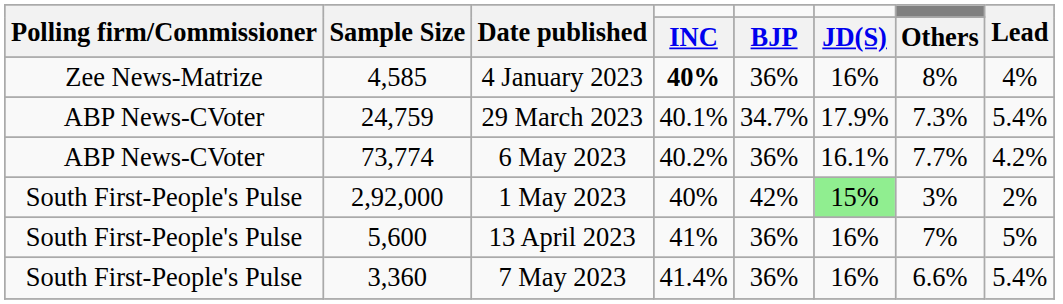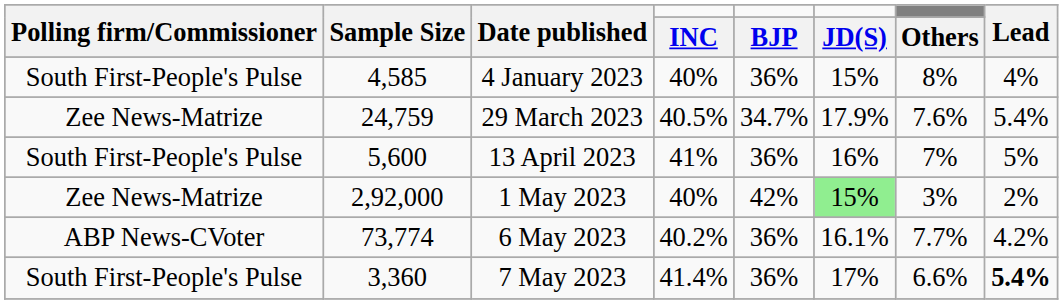 <table class="wikitable" style="text-align:center;font-size:95%;line-height:16px;">
 <tr>
 <th rowspan="2" class="wikitable">Polling firm/Commissioner</th>
 <th rowspan="2" class="wikitable">Sample Size</th>
 <th rowspan="2" class="wikitable">Date published</th>
 <td></td>
 <td></td>
 <td></td>
 <td style="background:gray;"></td>
 <th rowspan="2">Lead</th>
 </tr>
 <tr>
 <th><a href='#'>INC</a></th>
 <th><a href='#'>BJP</a></th>
 <th><a href='#'>JD(S)</a></th>
 <th>Others</th>
 </tr>
 <tr>
-<td>Zee News-Matrize</td>
+<td>South First-People's Pulse</td>
 <td>4,585</td>
 <td>4 January 2023</td>
-<td style="background:"><strong>40%</strong></td>
+<td style="background:">40%</td>
 <td>36%</td>
-<td>16%</td>
+<td>15%</td>
 <td>8%</td>
 <td style="background:">4%</td>
 </tr>
 <tr>
-<td>ABP News-CVoter</td>
+<td>Zee News-Matrize</td>
 <td>24,759</td>
 <td>29 March 2023</td>
-<td style="background:">40.1%</td>
+<td style="background:">40.5%</td>
 <td>34.7%</td>
 <td>17.9%</td>
-<td>7.3%</td>
+<td>7.6%</td>
 <td style="background:">5.4%</td>
+</tr>
+<tr>
+<td>South First-People's Pulse</td>
+<td>5,600</td>
+<td>13 April 2023</td>
+<td style="background:">41%</td>
+<td>36%</td>
+<td>16%</td>
+<td>7%</td>
+<td style="background:">5%</td>
+</tr>
+<tr>
+<td>Zee News-Matrize</td>
+<td>2,92,000</td>
+<td>1 May 2023</td>
+<td>40%</td>
+<td style="background:">42%</td>
+<td style="background: lightgreen;">15%</td>
+<td>3%</td>
+<td style="background:">2%</td>
 </tr>
 <tr>
 <td>ABP News-CVoter</td>
 <td>73,774</td>
 <td>6 May 2023</td>
 <td style="background:">40.2%</td>
 <td>36%</td>
 <td>16.1%</td>
 <td>7.7%</td>
 <td style="background:">4.2%</td>
 </tr>
 <tr>
 <td>South First-People's Pulse</td>
-<td>2,92,000</td>
-<td>1 May 2023</td>
-<td>40%</td>
-<td style="background:">42%</td>
-<td style="background: lightgreen;">15%</td>
-<td>3%</td>
-<td style="background:">2%</td>
-</tr>
-<tr>
-<td>South First-People's Pulse</td>
-<td>5,600</td>
-<td>13 April 2023</td>
-<td style="background:">41%</td>
-<td>36%</td>
-<td>16%</td>
-<td>7%</td>
-<td style="background:">5%</td>
-</tr>
-<tr>
-<td>South First-People's Pulse</td>
 <td>3,360</td>
 <td>7 May 2023</td>
 <td style="background:">41.4%</td>
 <td>36%</td>
-<td>16%</td>
+<td>17%</td>
 <td>6.6%</td>
-<td style="background:">5.4%</td>
+<td style="background:"><strong>5.4%</strong></td>
 </tr>
 </table>
